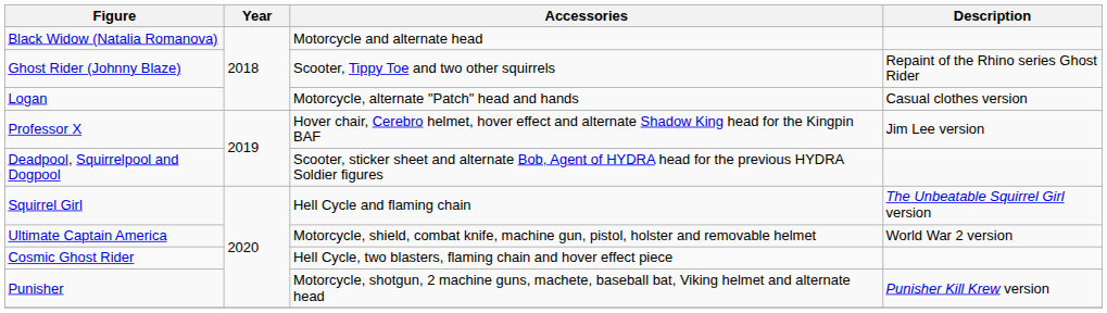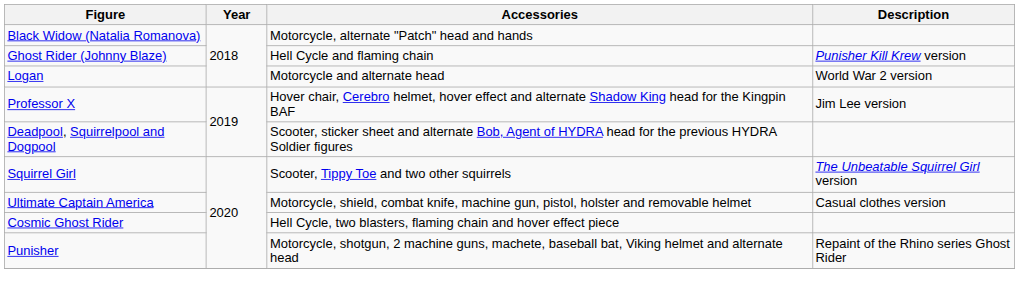 <table class="wikitable">
 <tr>
 <th width="20%">Figure</th>
 <th width="6%">Year</th>
 <th width="54%">Accessories</th>
 <th width="20%">Description</th>
 </tr>
 <tr>
 <td><a href='#'>Black Widow (Natalia Romanova)</a></td>
 <td rowspan="3">2018</td>
-<td>Motorcycle and alternate head</td>
+<td>Motorcycle, alternate "Patch" head and hands</td>
 <td></td>
 </tr>
 <tr>
 <td><a href='#'>Ghost Rider (Johnny Blaze)</a></td>
-<td>Scooter, <a href='#'>Tippy Toe</a> and two other squirrels</td>
-<td>Repaint of the Rhino series Ghost Rider</td>
+<td>Hell Cycle and flaming chain</td>
+<td><em><a href='#'>Punisher Kill Krew</a></em> version</td>
 </tr>
 <tr>
 <td><a href='#'>Logan</a></td>
-<td>Motorcycle, alternate "Patch" head and hands</td>
-<td>Casual clothes version</td>
+<td>Motorcycle and alternate head</td>
+<td>World War 2 version</td>
 </tr>
 <tr>
 <td><a href='#'>Professor X</a></td>
 <td rowspan="2">2019</td>
 <td>Hover chair, <a href='#'>Cerebro</a> helmet, hover effect and alternate <a href='#'>Shadow King</a> head for the Kingpin BAF</td>
 <td>Jim Lee version</td>
 </tr>
 <tr>
 <td><a href='#'>Deadpool</a>, <a href='#'>Squirrelpool and Dogpool</a></td>
 <td>Scooter, sticker sheet and alternate <a href='#'>Bob, Agent of HYDRA</a> head for the previous HYDRA Soldier figures</td>
 <td></td>
 </tr>
 <tr>
 <td><a href='#'>Squirrel Girl</a></td>
 <td rowspan="4">2020</td>
-<td>Hell Cycle and flaming chain</td>
+<td>Scooter, <a href='#'>Tippy Toe</a> and two other squirrels</td>
 <td><em><a href='#'>The Unbeatable Squirrel Girl</a></em> version</td>
 </tr>
 <tr>
 <td><a href='#'>Ultimate Captain America</a></td>
 <td>Motorcycle, shield, combat knife, machine gun, pistol, holster and removable helmet</td>
-<td>World War 2 version</td>
+<td>Casual clothes version</td>
 </tr>
 <tr>
 <td><a href='#'>Cosmic Ghost Rider</a></td>
 <td>Hell Cycle, two blasters, flaming chain and hover effect piece</td>
 <td></td>
 </tr>
 <tr>
 <td><a href='#'>Punisher</a></td>
 <td>Motorcycle, shotgun, 2 machine guns, machete, baseball bat, Viking helmet and alternate head</td>
-<td><em><a href='#'>Punisher Kill Krew</a></em> version</td>
+<td>Repaint of the Rhino series Ghost Rider</td>
 </tr>
 <tr>
 </tr>
 </table>
